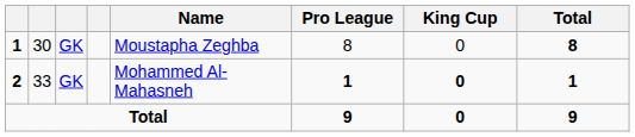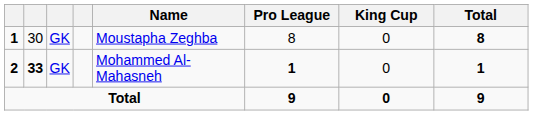 <table class="wikitable" style="text-align:center">
 <tr>
 <th width=15></th>
 <th width=15></th>
 <th width=15></th>
 <th width=15></th>
 <th width=165>Name</th>
 <th width=100>Pro League</th>
 <th width=100>King Cup</th>
 <th width=100>Total</th>
 </tr>
 <tr>
 <td><strong>1</strong></td>
 <td>30</td>
 <td><a href='#'>GK</a></td>
 <td></td>
 <td align=left><a href='#'>Moustapha Zeghba</a></td>
 <td>8</td>
 <td>0</td>
 <td><strong>8</strong></td>
 </tr>
 <tr>
 <td><strong>2</strong></td>
-<td>33</td>
+<td><strong>33</strong></td>
 <td><a href='#'>GK</a></td>
 <td></td>
 <td align=left><a href='#'>Mohammed Al-Mahasneh</a></td>
 <td><strong>1</strong></td>
-<td><strong>0</strong></td>
+<td>0</td>
 <td><strong>1</strong></td>
 </tr>
 <tr>
 <td colspan=5><strong>Total</strong></td>
 <td><strong>9</strong></td>
 <td><strong>0</strong></td>
 <td><strong>9</strong></td>
 </tr>
 </table>
